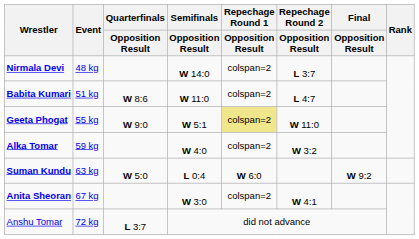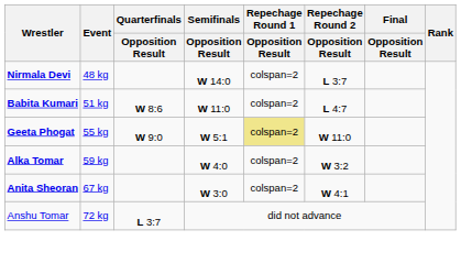 <table class="wikitable" style="font-size:90%">
 <tr>
 <th rowspan="2">Wrestler</th>
 <th rowspan="2">Event</th>
 <th>Quarterfinals</th>
 <th>Semifinals</th>
 <th>Repechage<br> Round 1</th>
 <th>Repechage<br> Round 2</th>
 <th>Final</th>
 <th rowspan="2">Rank</th>
 </tr>
 <tr>
 <th>Opposition<br>Result</th>
 <th>Opposition<br>Result</th>
 <th>Opposition<br>Result</th>
 <th>Opposition<br>Result</th>
 <th>Opposition<br>Result</th>
 </tr>
 <tr align=center>
 <td align=left><strong><a href='#'>Nirmala Devi</a></strong></td>
 <td align=left><a href='#'>48 kg</a></td>
 <td></td>
 <td><br><strong>W</strong> 14:0</td>
 <td>colspan=2 </td>
 <td><br><strong>L</strong> 3:7</td>
 <td></td>
 </tr>
 <tr align=center>
 <td align=left><strong><a href='#'>Babita Kumari</a></strong></td>
 <td align=left><a href='#'>51 kg</a></td>
 <td><br><strong>W</strong> 8:6</td>
 <td><br><strong>W</strong> 11:0</td>
 <td>colspan=2 </td>
 <td><br><strong>L</strong> 4:7</td>
 <td></td>
 </tr>
 <tr align=center>
 <td align=left><strong><a href='#'>Geeta Phogat</a></strong></td>
 <td align=left><a href='#'>55 kg</a></td>
 <td><br><strong>W</strong> 9:0</td>
 <td><br><strong>W</strong> 5:1</td>
 <td style="background: khaki;">colspan=2 </td>
 <td><br><strong>W</strong> 11:0</td>
 <td></td>
 </tr>
 <tr align=center>
 <td align=left><strong><a href='#'>Alka Tomar</a></strong></td>
 <td align=left><a href='#'>59 kg</a></td>
 <td></td>
 <td><br><strong>W</strong> 4:0</td>
 <td>colspan=2 </td>
 <td><br><strong>W</strong> 3:2</td>
 <td></td>
 </tr>
 <tr align=center>
-<td align=left><strong><a href='#'>Suman Kundu</a></strong></td>
-<td align=left><a href='#'>63 kg</a></td>
-<td><br><strong>W</strong> 5:0</td>
-<td><br><strong>L</strong> 0:4</td>
-<td><br><strong>W</strong> 6:0</td>
-<td></td>
-<td><br><strong>W</strong> 9:2</td>
-<td></td>
-</tr>
-<tr align=center>
 <td align=left><strong><a href='#'>Anita Sheoran</a></strong></td>
 <td align=left><a href='#'>67 kg</a></td>
 <td></td>
 <td><br><strong>W</strong> 3:0</td>
 <td>colspan=2 </td>
 <td><br><strong>W</strong> 4:1</td>
 <td></td>
 </tr>
 <tr align=center>
 <td align=left><a href='#'>Anshu Tomar</a></td>
 <td align=left><a href='#'>72 kg</a></td>
 <td><br><strong>L</strong> 3:7</td>
 <td colspan=4>did not advance</td>
 </tr>
 </table>
